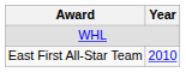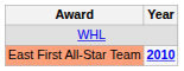 <table class="wikitable">
 <tr>
 <th>Award</th>
 <th>Year</th>
 </tr>
 <tr ALIGN="center" bgcolor="#e0e0e0">
 <td colspan="3"><a href='#'>WHL</a></td>
 </tr>
 <tr>
-<td>East First All-Star Team</td>
-<td><a href='#'>2010</a></td>
+<td style="background: lightsalmon;">East First All-Star Team</td>
+<td><strong><a href='#'>2010</a></strong></td>
 </tr>
 </table>
